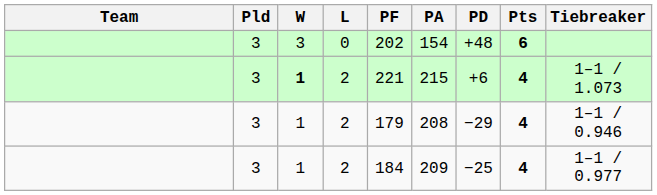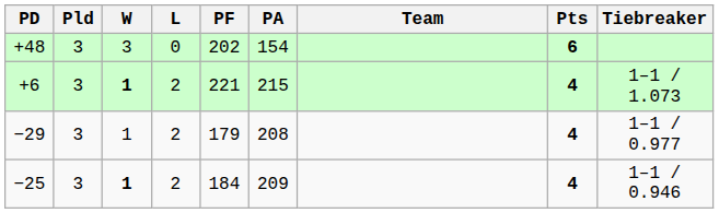 <table class="wikitable" style="text-align:center;">
 <tr>
-<th width=180>Team</th>
+<th width=30>PD</th>
 <th width=30>Pld</th>
 <th width=30>W</th>
 <th width=30>L</th>
 <th width=30>PF</th>
 <th width=30>PA</th>
-<th width=30>PD</th>
+<th width=180>Team</th>
 <th width=30>Pts</th>
 <th width=80>Tiebreaker</th>
 </tr>
 <tr bgcolor="#ccffcc">
-<td align=left></td>
+<td>+48</td>
 <td>3</td>
 <td>3</td>
 <td>0</td>
 <td>202</td>
 <td>154</td>
-<td>+48</td>
+<td align=left></td>
 <td><strong>6</strong></td>
 <td></td>
 </tr>
 <tr bgcolor="#ccffcc">
-<td align=left></td>
+<td>+6</td>
 <td>3</td>
 <td><strong>1</strong></td>
 <td>2</td>
 <td>221</td>
 <td>215</td>
-<td>+6</td>
+<td align=left></td>
 <td><strong>4</strong></td>
 <td>1–1 / 1.073</td>
 </tr>
 <tr>
-<td align=left></td>
+<td>−29</td>
 <td>3</td>
 <td>1</td>
 <td>2</td>
 <td>179</td>
 <td>208</td>
-<td>−29</td>
+<td align=left></td>
+<td><strong>4</strong></td>
+<td>1–1 / 0.977</td>
+</tr>
+<tr>
+<td>−25</td>
+<td>3</td>
+<td><strong>1</strong></td>
+<td>2</td>
+<td>184</td>
+<td>209</td>
+<td align=left></td>
 <td><strong>4</strong></td>
 <td>1–1 / 0.946</td>
 </tr>
-<tr>
-<td align=left></td>
-<td>3</td>
-<td>1</td>
-<td>2</td>
-<td>184</td>
-<td>209</td>
-<td>−25</td>
-<td><strong>4</strong></td>
-<td>1–1 / 0.977</td>
-</tr>
 </table>
